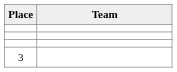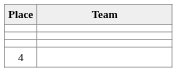 <table style=border-collapse:collapse border=1 cellspacing=0 cellpadding=5>
 <tr align=center bgcolor=#efefef>
 <th width=35>Place</th>
 <th width=185>Team</th>
 </tr>
 <tr align=center>
 <td></td>
 <td style="text-align:left;"></td>
 </tr>
 <tr align=center>
 <td></td>
 <td style="text-align:left;"></td>
 </tr>
 <tr align=center>
 <td></td>
 <td style="text-align:left;"></td>
 </tr>
 <tr align=center>
-<td>3</td>
+<td>4</td>
 <td style="text-align:left;"></td>
 </tr>
 </table>
